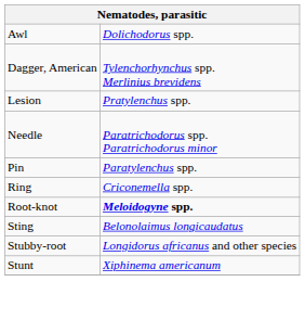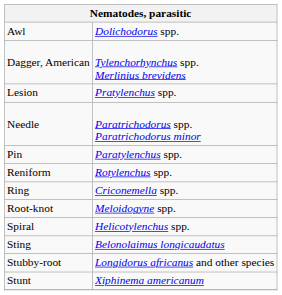 <table class="wikitable" style="clear">
 <tr>
 <th colspan=2><strong>Nematodes, parasitic</strong><br></th>
 </tr>
 <tr>
 <td>Awl</td>
 <td><em><a href='#'>Dolichodorus</a></em> spp.</td>
 </tr>
 <tr>
 <td>Dagger, American</td>
 <td><br><em><a href='#'>Tylenchorhynchus</a></em> spp.<br> <em><a href='#'>Merlinius brevidens</a></em></td>
 </tr>
 <tr>
 <td>Lesion</td>
 <td><em><a href='#'>Pratylenchus</a></em> spp.</td>
 </tr>
 <tr>
 <td>Needle</td>
 <td><br><em><a href='#'>Paratrichodorus</a></em> spp. <br> <em><a href='#'>Paratrichodorus minor</a></em></td>
 </tr>
 <tr>
 <td>Pin</td>
 <td><em><a href='#'>Paratylenchus</a></em> spp.</td>
 </tr>
 <tr>
+<td>Reniform</td>
+<td><em><a href='#'>Rotylenchus</a></em> spp.</td>
+</tr>
+<tr>
 <td>Ring</td>
 <td><em><a href='#'>Criconemella</a></em> spp.</td>
 </tr>
 <tr>
 <td>Root-knot</td>
-<td><strong><em><a href='#'>Meloidogyne</a></em> spp.</strong></td>
+<td><em><a href='#'>Meloidogyne</a></em> spp.</td>
+</tr>
+<tr>
+<td>Spiral</td>
+<td><em><a href='#'>Helicotylenchus</a></em> spp.</td>
 </tr>
 <tr>
 <td>Sting</td>
 <td><em><a href='#'>Belonolaimus longicaudatus</a></em></td>
 </tr>
 <tr>
 <td>Stubby-root</td>
 <td><em><a href='#'>Longidorus africanus</a></em> and other species</td>
 </tr>
 <tr>
 <td>Stunt</td>
 <td><em><a href='#'>Xiphinema americanum</a></em></td>
 </tr>
 <tr>
 </tr>
 </table>
